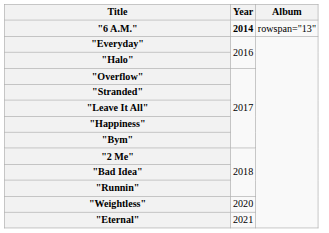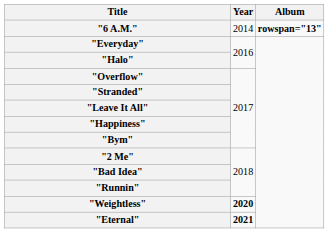 <table class="wikitable plainrowheaders" style="text-align:center;">
 <tr>
 <th scope="col" style="width:22em;">Title</th>
 <th scope="col" style="width:1em;">Year</th>
 <th scope="col">Album</th>
 </tr>
 <tr>
 <th scope="row">"6 A.M." </th>
-<td><strong>2014</strong></td>
-<td>rowspan="13" </td>
+<td>2014</td>
+<td><strong>rowspan="13" </strong></td>
 </tr>
 <tr>
 <th scope="row">"Everyday"</th>
 <td rowspan="2">2016</td>
 </tr>
 <tr>
 <th scope="row">"Halo"<br></th>
 </tr>
 <tr>
 <th scope="row">"Overflow"<br></th>
 <td rowspan="5">2017</td>
 </tr>
 <tr>
 <th scope="row">"Stranded"<br></th>
 </tr>
 <tr>
 <th scope="row">"Leave It All"<br></th>
 </tr>
 <tr>
 <th scope="row">"Happiness"<br></th>
 </tr>
 <tr>
 <th scope="row">"Bym"<br></th>
 </tr>
 <tr>
 <th scope="row">"2 Me"<br></th>
 <td rowspan="3">2018</td>
 </tr>
 <tr>
 <th scope="row">"Bad Idea"<br></th>
 </tr>
 <tr>
 <th scope="row">"Runnin" <br></th>
 </tr>
 <tr>
 <th scope="row">"Weightless" <br></th>
-<td>2020</td>
+<td><strong>2020</strong></td>
 </tr>
 <tr>
 <th scope="row">"Eternal" <br></th>
-<td>2021</td>
+<td><strong>2021</strong></td>
 </tr>
 </table>
